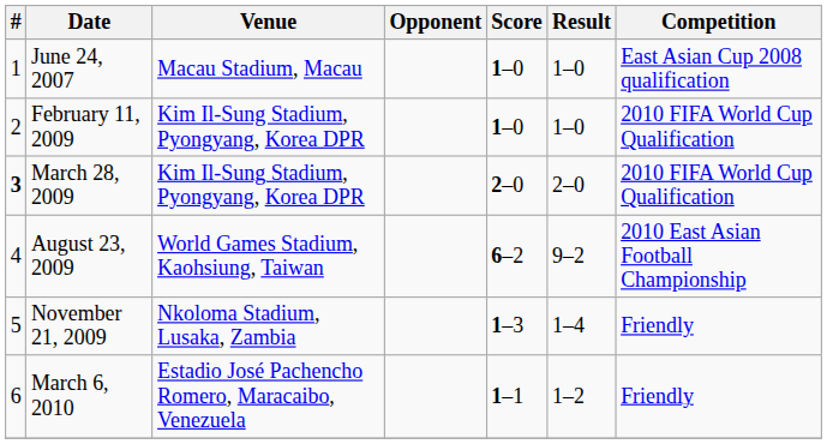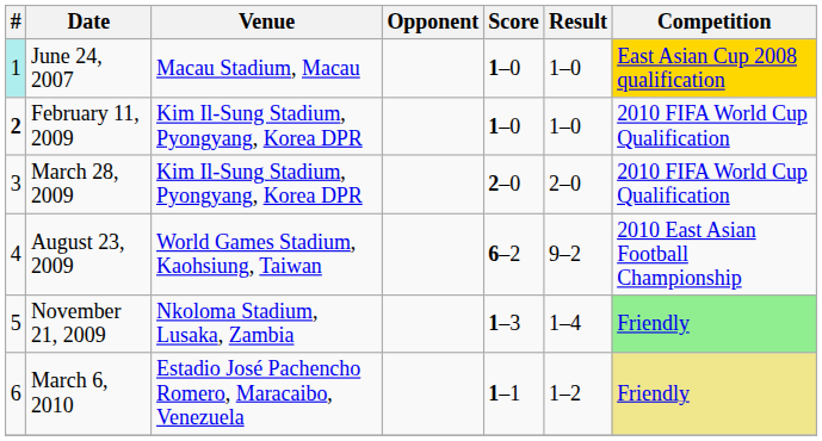 <table class="wikitable">
 <tr>
 <th>#</th>
 <th>Date</th>
 <th>Venue</th>
 <th>Opponent</th>
 <th>Score</th>
 <th>Result</th>
 <th>Competition</th>
 </tr>
 <tr>
-<td>1</td>
+<td style="background: paleturquoise;">1</td>
 <td>June 24, 2007</td>
 <td><a href='#'>Macau Stadium</a>, <a href='#'>Macau</a></td>
 <td></td>
 <td><strong>1</strong>–0</td>
 <td>1–0</td>
-<td><a href='#'>East Asian Cup 2008 qualification</a></td>
+<td style="background: gold;"><a href='#'>East Asian Cup 2008 qualification</a></td>
 </tr>
 <tr>
-<td>2</td>
+<td><strong>2</strong></td>
 <td>February 11, 2009</td>
 <td><a href='#'>Kim Il-Sung Stadium</a>, <a href='#'>Pyongyang</a>, <a href='#'>Korea DPR</a></td>
 <td></td>
 <td><strong>1</strong>–0</td>
 <td>1–0</td>
 <td><a href='#'>2010 FIFA World Cup Qualification</a></td>
 </tr>
 <tr>
-<td><strong>3</strong></td>
+<td>3</td>
 <td>March 28, 2009</td>
 <td><a href='#'>Kim Il-Sung Stadium</a>, <a href='#'>Pyongyang</a>, <a href='#'>Korea DPR</a></td>
 <td></td>
 <td><strong>2</strong>–0</td>
 <td>2–0</td>
 <td><a href='#'>2010 FIFA World Cup Qualification</a></td>
 </tr>
 <tr>
 <td>4</td>
 <td>August 23, 2009</td>
 <td><a href='#'>World Games Stadium</a>, <a href='#'>Kaohsiung</a>, <a href='#'>Taiwan</a></td>
 <td></td>
 <td><strong>6</strong>–2</td>
 <td>9–2</td>
 <td><a href='#'>2010 East Asian Football Championship</a></td>
 </tr>
 <tr>
 <td>5</td>
 <td>November 21, 2009</td>
 <td><a href='#'>Nkoloma Stadium</a>, <a href='#'>Lusaka</a>, <a href='#'>Zambia</a></td>
 <td></td>
 <td><strong>1</strong>–3</td>
 <td>1–4</td>
-<td><a href='#'>Friendly</a></td>
+<td style="background: lightgreen;"><a href='#'>Friendly</a></td>
 </tr>
 <tr>
 <td>6</td>
 <td>March 6, 2010</td>
 <td><a href='#'>Estadio José Pachencho Romero</a>, <a href='#'>Maracaibo</a>, <a href='#'>Venezuela</a></td>
 <td></td>
 <td><strong>1</strong>–1</td>
 <td>1–2</td>
-<td><a href='#'>Friendly</a></td>
+<td style="background: khaki;"><a href='#'>Friendly</a></td>
 </tr>
 <tr>
 </tr>
 </table>
